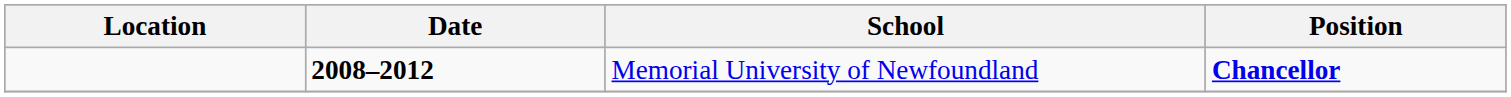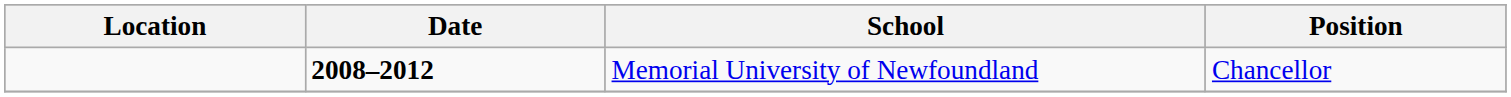 <table class="wikitable" style="width:100%;">
 <tr>
 <th style="width:20%;">Location</th>
 <th style="width:20%;">Date</th>
 <th style="width:40%;">School</th>
 <th style="width:20%;">Position</th>
 </tr>
 <tr>
 <td></td>
 <td><strong>2008–2012</strong></td>
 <td><a href='#'>Memorial University of Newfoundland</a></td>
-<td><strong><a href='#'>Chancellor</a></strong></td>
+<td><a href='#'>Chancellor</a></td>
 </tr>
 <tr>
 </tr>
 </table>
